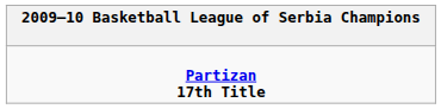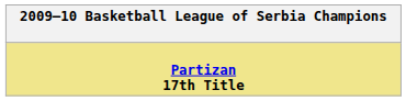 <table class="wikitable" style="margin: 0 auto; width: 30%;">
 <tr>
 <th>2009–10 Basketball League of Serbia Champions<br><br></th>
 </tr>
 <tr>
-<td align=center><br><strong><a href='#'>Partizan</a></strong><br><strong>17th Title</strong></td>
+<td align=center style="background: khaki;"><br><strong><a href='#'>Partizan</a></strong><br><strong>17th Title</strong></td>
 </tr>
 </table>
